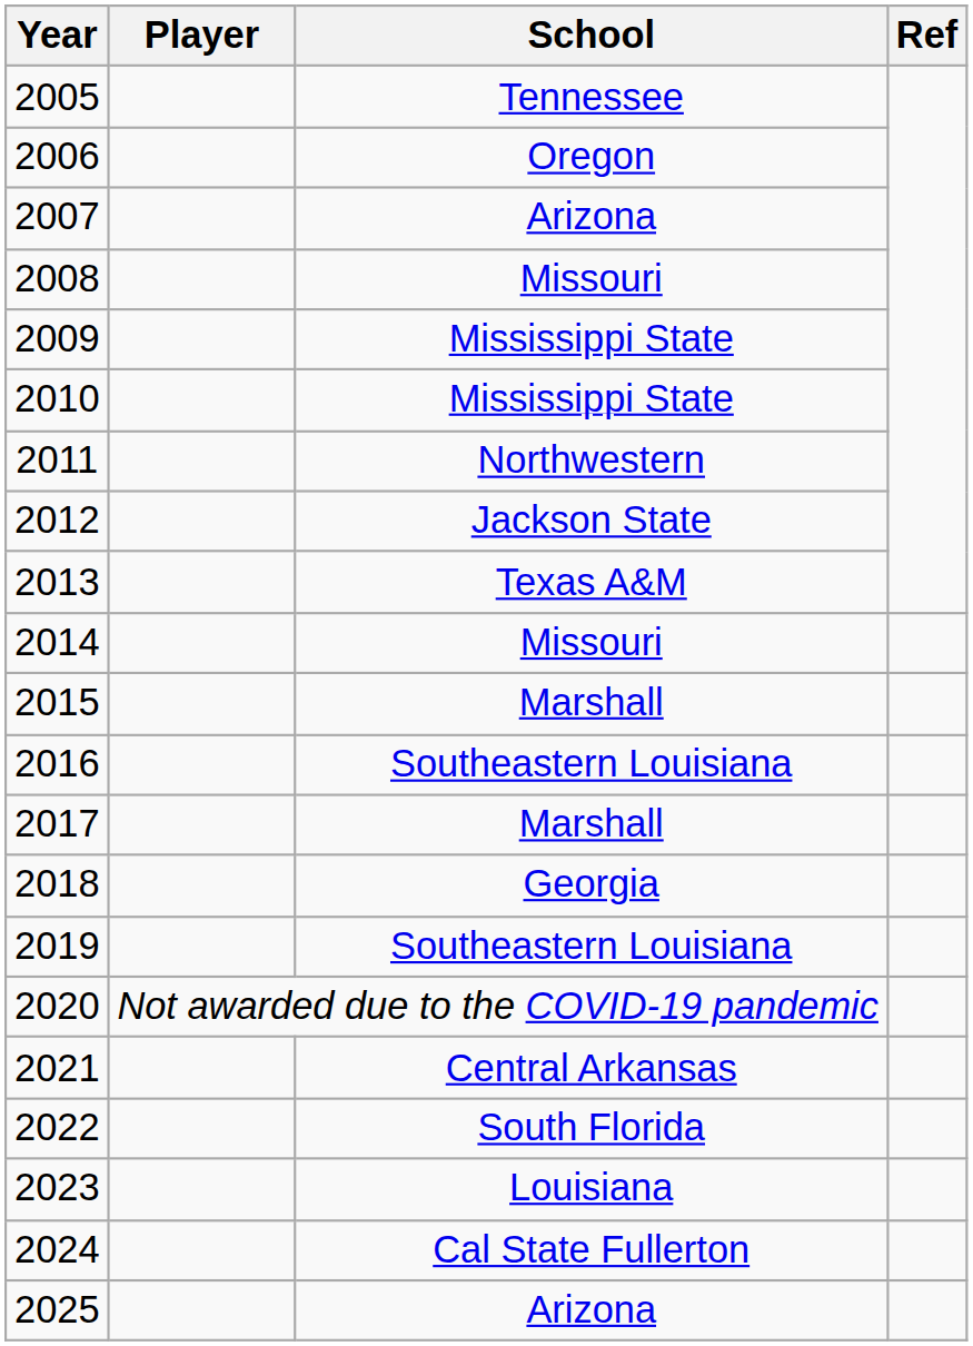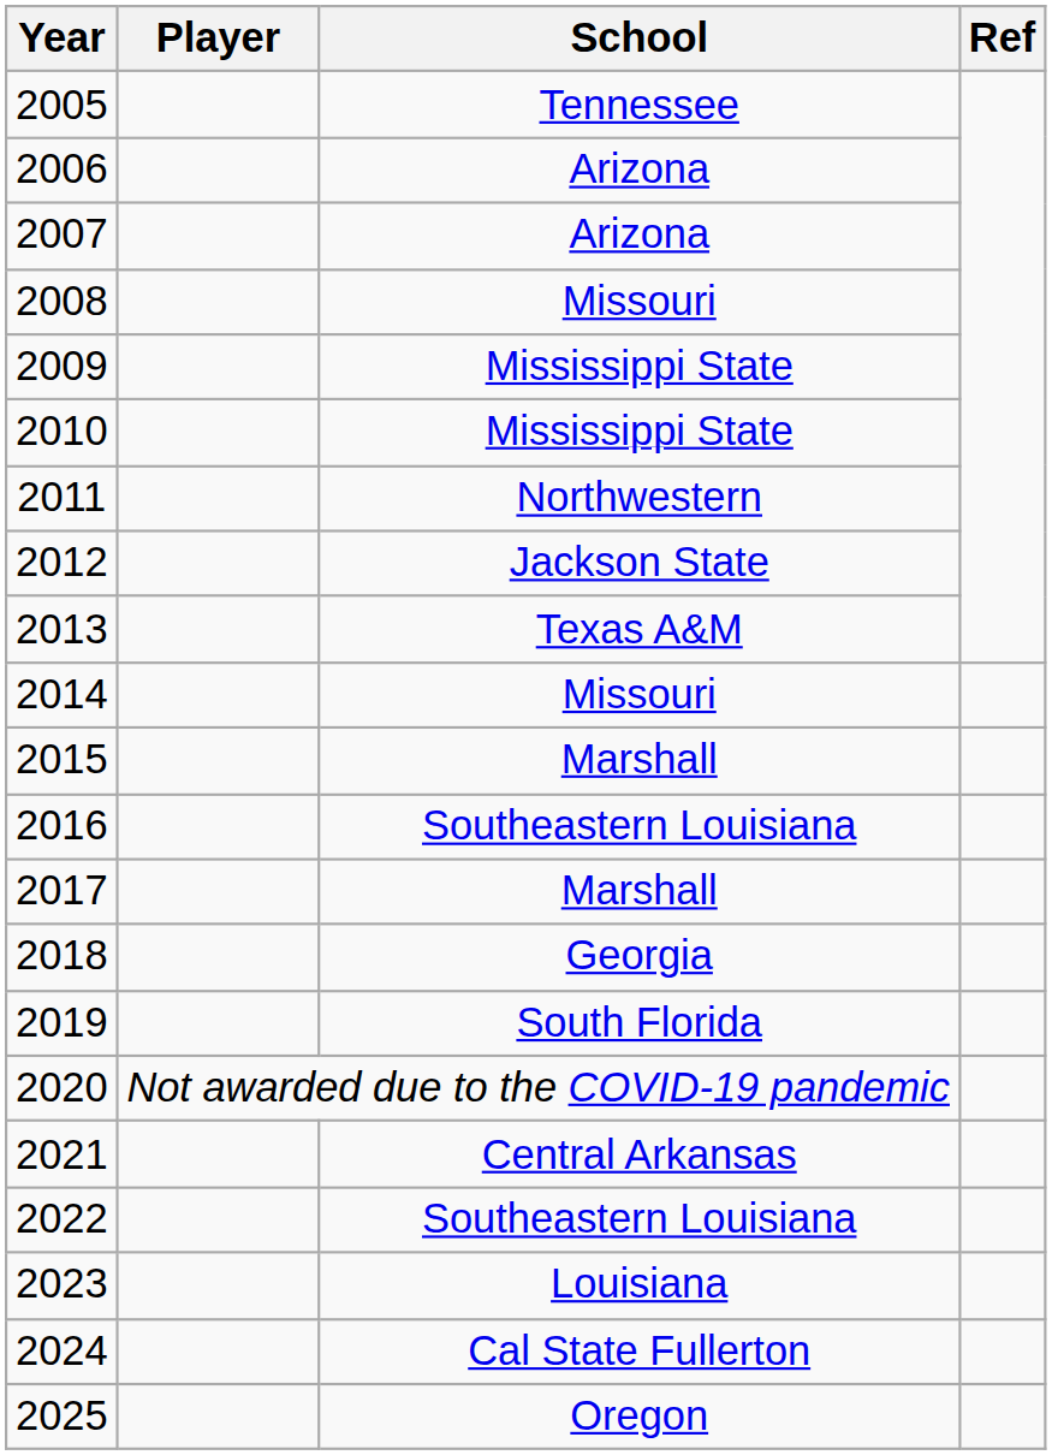 <table class="wikitable sortable plainrowheaders" style="text-align:center;">
 <tr>
 <th scope="col">Year</th>
 <th scope="col">Player</th>
 <th scope="col">School</th>
 <th scope="col" class="unsortable">Ref</th>
 </tr>
 <tr>
 <td>2005</td>
 <td></td>
 <td><a href='#'>Tennessee</a></td>
 <td rowspan="9"></td>
 </tr>
 <tr>
 <td>2006</td>
 <td></td>
-<td><a href='#'>Oregon</a></td>
+<td><a href='#'>Arizona</a></td>
 </tr>
 <tr>
 <td>2007</td>
 <td></td>
 <td><a href='#'>Arizona</a></td>
 </tr>
 <tr>
 <td>2008</td>
 <td></td>
 <td><a href='#'>Missouri</a></td>
 </tr>
 <tr>
 <td>2009</td>
 <td></td>
 <td><a href='#'>Mississippi State</a></td>
 </tr>
 <tr>
 <td>2010</td>
 <td></td>
 <td><a href='#'>Mississippi State</a></td>
 </tr>
 <tr>
 <td>2011</td>
 <td></td>
 <td><a href='#'>Northwestern</a></td>
 </tr>
 <tr>
 <td>2012</td>
 <td></td>
 <td><a href='#'>Jackson State</a></td>
 </tr>
 <tr>
 <td>2013</td>
 <td></td>
 <td><a href='#'>Texas A&M</a></td>
 </tr>
 <tr>
 <td>2014</td>
 <td></td>
 <td><a href='#'>Missouri</a></td>
 <td></td>
 </tr>
 <tr>
 <td>2015</td>
 <td></td>
 <td><a href='#'>Marshall</a></td>
 <td></td>
 </tr>
 <tr>
 <td>2016</td>
 <td></td>
 <td><a href='#'>Southeastern Louisiana</a></td>
 <td></td>
 </tr>
 <tr>
 <td>2017</td>
 <td></td>
 <td><a href='#'>Marshall</a></td>
 <td></td>
 </tr>
 <tr>
 <td>2018</td>
 <td></td>
 <td><a href='#'>Georgia</a></td>
 <td></td>
 </tr>
 <tr>
 <td>2019</td>
 <td></td>
-<td><a href='#'>Southeastern Louisiana</a></td>
+<td><a href='#'>South Florida</a></td>
 <td></td>
 </tr>
 <tr>
 <td>2020</td>
 <td colspan=2><em>Not awarded due to the <a href='#'>COVID-19 pandemic</a></em></td>
 <td></td>
 </tr>
 <tr>
 <td>2021</td>
 <td></td>
 <td><a href='#'>Central Arkansas</a></td>
 <td></td>
 </tr>
 <tr>
 <td>2022</td>
 <td></td>
-<td><a href='#'>South Florida</a></td>
+<td><a href='#'>Southeastern Louisiana</a></td>
 <td></td>
 </tr>
 <tr>
 <td>2023</td>
 <td></td>
 <td><a href='#'>Louisiana</a></td>
 <td></td>
 </tr>
 <tr>
 <td>2024</td>
 <td></td>
 <td><a href='#'>Cal State Fullerton</a></td>
 <td></td>
 </tr>
 <tr>
 <td>2025</td>
 <td></td>
-<td><a href='#'>Arizona</a></td>
+<td><a href='#'>Oregon</a></td>
 <td></td>
 </tr>
 </table>
